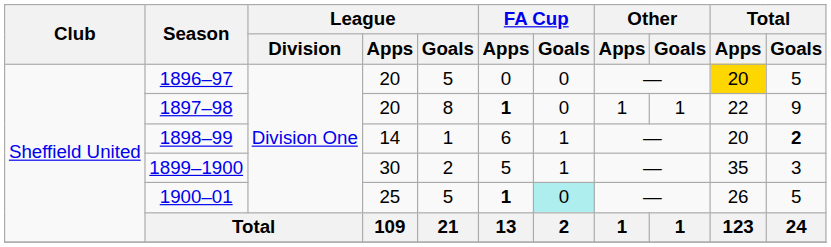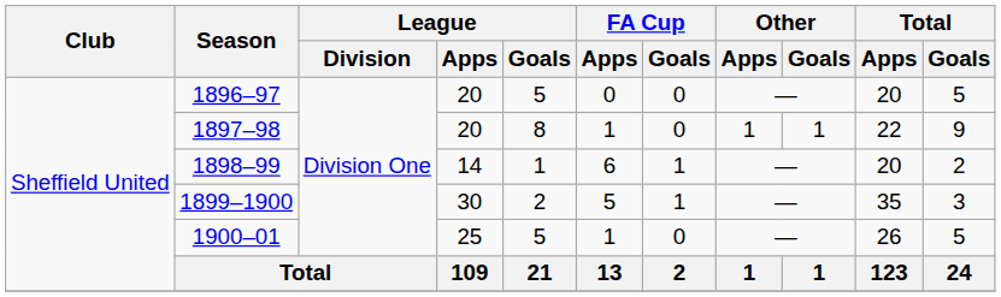 <table class=wikitable style="text-align:center">
 <tr>
 <th rowspan="2">Club</th>
 <th rowspan="2">Season</th>
 <th colspan="3">League</th>
 <th colspan="2"><a href='#'>FA Cup</a></th>
 <th colspan="2">Other</th>
 <th colspan="2">Total</th>
 </tr>
 <tr>
 <th>Division</th>
 <th>Apps</th>
 <th>Goals</th>
 <th>Apps</th>
 <th>Goals</th>
 <th>Apps</th>
 <th>Goals</th>
 <th>Apps</th>
 <th>Goals</th>
 </tr>
 <tr>
 <td rowspan="6"><a href='#'>Sheffield United</a></td>
 <td><a href='#'>1896–97</a></td>
 <td rowspan="5"><a href='#'>Division One</a></td>
 <td>20</td>
 <td>5</td>
 <td>0</td>
 <td>0</td>
 <td colspan="2">—</td>
-<td style="background: gold;">20</td>
+<td>20</td>
 <td>5</td>
 </tr>
 <tr>
 <td><a href='#'>1897–98</a></td>
 <td>20</td>
 <td>8</td>
-<td><strong>1</strong></td>
+<td>1</td>
 <td>0</td>
 <td>1</td>
 <td>1</td>
 <td>22</td>
 <td>9</td>
 </tr>
 <tr>
 <td><a href='#'>1898–99</a></td>
 <td>14</td>
 <td>1</td>
 <td>6</td>
 <td>1</td>
 <td colspan="2">—</td>
 <td>20</td>
-<td><strong>2</strong></td>
+<td>2</td>
 </tr>
 <tr>
 <td><a href='#'>1899–1900</a></td>
 <td>30</td>
 <td>2</td>
 <td>5</td>
 <td>1</td>
 <td colspan="2">—</td>
 <td>35</td>
 <td>3</td>
 </tr>
 <tr>
 <td><a href='#'>1900–01</a></td>
 <td>25</td>
 <td>5</td>
-<td><strong>1</strong></td>
-<td style="background: paleturquoise;">0</td>
+<td>1</td>
+<td>0</td>
 <td colspan="2">—</td>
 <td>26</td>
 <td>5</td>
 </tr>
 <tr>
 <th colspan="2">Total</th>
 <th>109</th>
 <th>21</th>
 <th>13</th>
 <th>2</th>
 <th>1</th>
 <th>1</th>
 <th>123</th>
 <th>24</th>
 </tr>
 <tr>
 </tr>
 </table>
